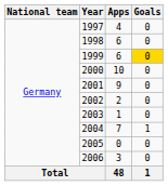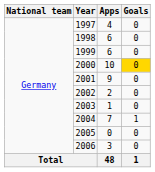 <table class="wikitable" style="text-align:center">
 <tr>
 <th>National team</th>
 <th>Year</th>
 <th>Apps</th>
 <th>Goals</th>
 </tr>
 <tr>
 <td rowspan="10"><a href='#'>Germany</a></td>
 <td>1997</td>
 <td>4</td>
 <td>0</td>
 </tr>
 <tr>
 <td>1998</td>
 <td>6</td>
 <td>0</td>
 </tr>
 <tr>
 <td>1999</td>
 <td>6</td>
-<td style="background: gold;">0</td>
+<td>0</td>
 </tr>
 <tr>
 <td>2000</td>
 <td>10</td>
-<td>0</td>
+<td style="background: gold;">0</td>
 </tr>
 <tr>
 <td>2001</td>
 <td>9</td>
 <td>0</td>
 </tr>
 <tr>
 <td>2002</td>
 <td>2</td>
 <td>0</td>
 </tr>
 <tr>
 <td>2003</td>
 <td>1</td>
 <td>0</td>
 </tr>
 <tr>
 <td>2004</td>
 <td>7</td>
 <td>1</td>
 </tr>
 <tr>
 <td>2005</td>
 <td>0</td>
 <td>0</td>
 </tr>
 <tr>
 <td>2006</td>
 <td>3</td>
 <td>0</td>
 </tr>
 <tr>
 <th colspan="2">Total</th>
 <th>48</th>
 <th>1</th>
 </tr>
 </table>
